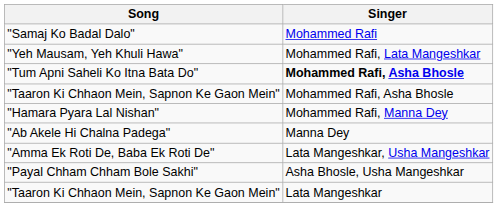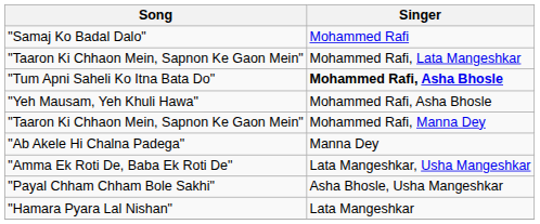 <table class="wikitable">
 <tr>
 <th>Song</th>
 <th>Singer</th>
 </tr>
 <tr>
 <td>"Samaj Ko Badal Dalo"</td>
 <td><a href='#'>Mohammed Rafi</a></td>
 </tr>
 <tr>
-<td>"Yeh Mausam, Yeh Khuli Hawa"</td>
+<td>"Taaron Ki Chhaon Mein, Sapnon Ke Gaon Mein"</td>
 <td>Mohammed Rafi, <a href='#'>Lata Mangeshkar</a></td>
 </tr>
 <tr>
 <td>"Tum Apni Saheli Ko Itna Bata Do"</td>
 <td><strong>Mohammed Rafi, <a href='#'>Asha Bhosle</a></strong></td>
 </tr>
 <tr>
-<td>"Taaron Ki Chhaon Mein, Sapnon Ke Gaon Mein"</td>
+<td>"Yeh Mausam, Yeh Khuli Hawa"</td>
 <td>Mohammed Rafi, Asha Bhosle</td>
 </tr>
 <tr>
-<td>"Hamara Pyara Lal Nishan"</td>
+<td>"Taaron Ki Chhaon Mein, Sapnon Ke Gaon Mein"</td>
 <td>Mohammed Rafi, <a href='#'>Manna Dey</a></td>
 </tr>
 <tr>
 <td>"Ab Akele Hi Chalna Padega"</td>
 <td>Manna Dey</td>
 </tr>
 <tr>
 <td>"Amma Ek Roti De, Baba Ek Roti De"</td>
 <td>Lata Mangeshkar, <a href='#'>Usha Mangeshkar</a></td>
 </tr>
 <tr>
 <td>"Payal Chham Chham Bole Sakhi"</td>
 <td>Asha Bhosle, Usha Mangeshkar</td>
 </tr>
 <tr>
-<td>"Taaron Ki Chhaon Mein, Sapnon Ke Gaon Mein"</td>
+<td>"Hamara Pyara Lal Nishan"</td>
 <td>Lata Mangeshkar</td>
 </tr>
 <tr>
 </tr>
 </table>
